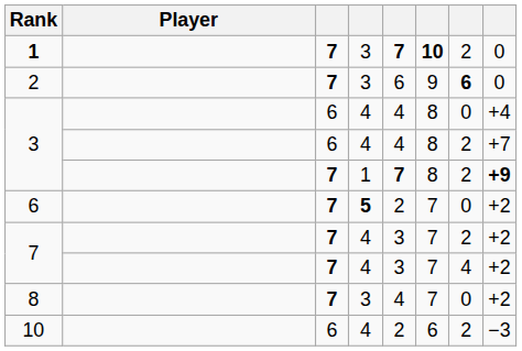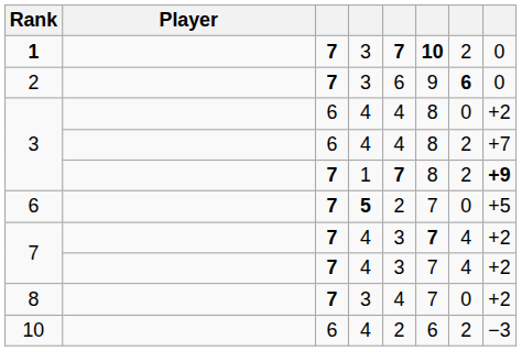 <table class="wikitable">
 <tr>
 <th width="20">Rank</th>
 <th width="200">Player</th>
 <th width="20"></th>
 <th width="20"></th>
 <th width="20"></th>
 <th width="20"></th>
 <th width="20"></th>
 <th width="20"></th>
 </tr>
 <tr align=center>
 <td><strong>1</strong></td>
 <td align=left></td>
 <td><strong>7</strong></td>
 <td>3</td>
 <td><strong>7</strong></td>
 <td><strong>10</strong></td>
 <td>2</td>
 <td>0</td>
 </tr>
 <tr align=center>
 <td>2</td>
 <td align=left></td>
 <td><strong>7</strong></td>
 <td>3</td>
 <td>6</td>
 <td>9</td>
 <td><strong>6</strong></td>
 <td>0</td>
 </tr>
 <tr align=center>
 <td rowspan=3>3</td>
 <td align=left></td>
 <td>6</td>
 <td>4</td>
 <td>4</td>
 <td>8</td>
 <td>0</td>
-<td>+4</td>
+<td>+2</td>
 </tr>
 <tr align=center>
 <td align=left></td>
 <td>6</td>
 <td>4</td>
 <td>4</td>
 <td>8</td>
 <td>2</td>
 <td>+7</td>
 </tr>
 <tr align=center>
 <td align=left></td>
 <td><strong>7</strong></td>
 <td>1</td>
 <td><strong>7</strong></td>
 <td>8</td>
 <td>2</td>
 <td><strong>+9</strong></td>
 </tr>
 <tr align=center>
 <td>6</td>
 <td align=left></td>
 <td><strong>7</strong></td>
 <td><strong>5</strong></td>
 <td>2</td>
 <td>7</td>
 <td>0</td>
-<td>+2</td>
+<td>+5</td>
 </tr>
 <tr align=center>
 <td rowspan=2>7</td>
 <td align=left></td>
 <td><strong>7</strong></td>
 <td>4</td>
 <td>3</td>
-<td>7</td>
-<td>2</td>
+<td><strong>7</strong></td>
+<td>4</td>
 <td>+2</td>
 </tr>
 <tr align=center>
 <td align=left></td>
 <td><strong>7</strong></td>
 <td>4</td>
 <td>3</td>
 <td>7</td>
 <td>4</td>
 <td>+2</td>
 </tr>
 <tr align=center>
 <td>8</td>
 <td align=left></td>
 <td><strong>7</strong></td>
 <td>3</td>
 <td>4</td>
 <td>7</td>
 <td>0</td>
 <td>+2</td>
 </tr>
 <tr align=center>
 <td>10</td>
 <td align=left></td>
 <td>6</td>
 <td>4</td>
 <td>2</td>
 <td>6</td>
 <td>2</td>
 <td>−3</td>
 </tr>
 </table>
